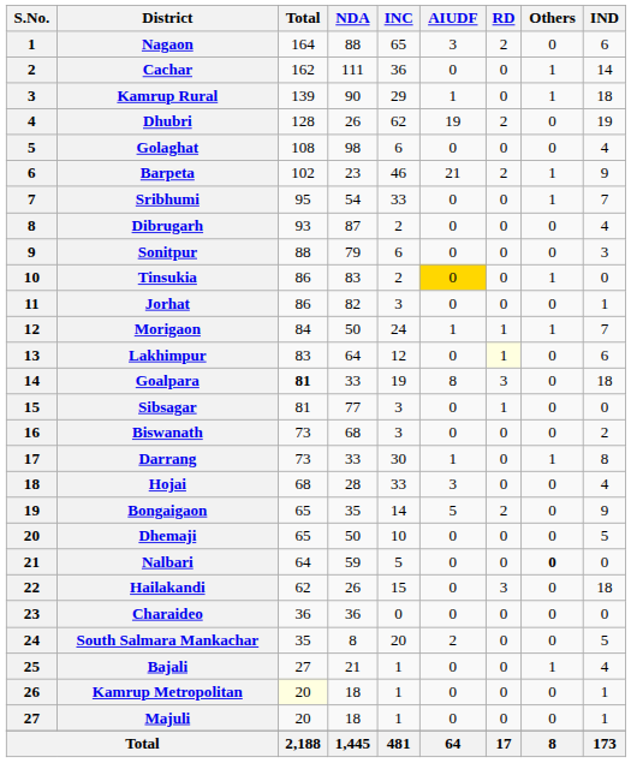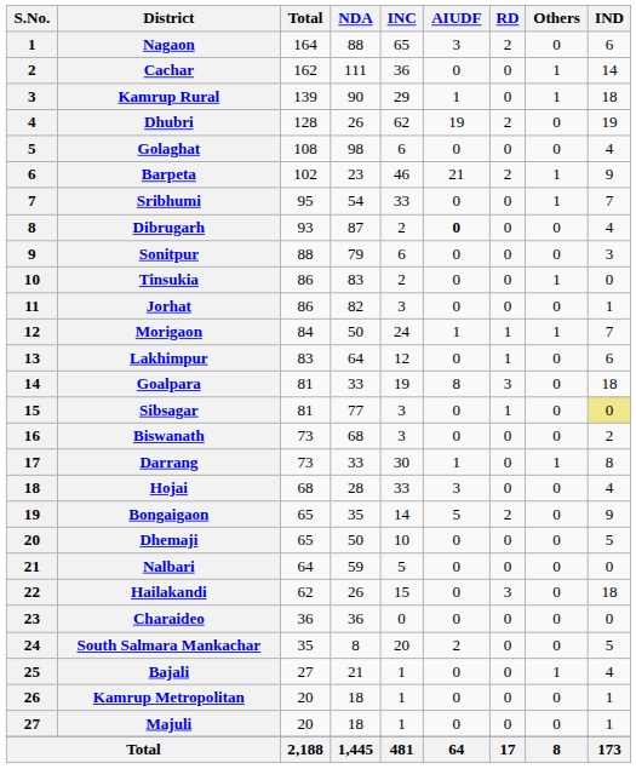 <table class="wikitable plainrowheaders sortable mw-collapsible" style="text-align:center; font-size:95%; width:600px; clear:right; margin:0px 0px 0.5em 1em;">
 <tr>
 <th scope="col">S.No.</th>
 <th scope="col">District</th>
 <th scope="col">Total</th>
 <th scope="col"><a href='#'>NDA</a></th>
 <th scope="col"><a href='#'>INC</a></th>
 <th scope="col"><a href='#'>AIUDF</a></th>
 <th scope="col"><a href='#'>RD</a></th>
 <th scope="col">Others</th>
 <th scope="col">IND</th>
 </tr>
 <tr>
 <th scope="row">1</th>
 <th scope="row"><a href='#'>Nagaon</a></th>
 <td>164</td>
 <td bgcolor=>88</td>
 <td>65</td>
 <td>3</td>
 <td>2</td>
 <td>0</td>
 <td>6</td>
 </tr>
 <tr>
 <th scope="row">2</th>
 <th scope="row"><a href='#'>Cachar</a></th>
 <td>162</td>
 <td bgcolor=>111</td>
 <td>36</td>
 <td>0</td>
 <td>0</td>
 <td>1</td>
 <td>14</td>
 </tr>
 <tr>
 <th scope="row">3</th>
 <th scope="row"><a href='#'>Kamrup Rural</a></th>
 <td>139</td>
 <td bgcolor=>90</td>
 <td>29</td>
 <td>1</td>
 <td>0</td>
 <td>1</td>
 <td>18</td>
 </tr>
 <tr>
 <th scope="row">4</th>
 <th scope="row"><a href='#'>Dhubri</a></th>
 <td>128</td>
 <td>26</td>
 <td bgcolor=>62</td>
 <td>19</td>
 <td>2</td>
 <td>0</td>
 <td>19</td>
 </tr>
 <tr>
 <th scope="row">5</th>
 <th scope="row"><a href='#'>Golaghat</a></th>
 <td>108</td>
 <td bgcolor=>98</td>
 <td>6</td>
 <td>0</td>
 <td>0</td>
 <td>0</td>
 <td>4</td>
 </tr>
 <tr>
 <th scope="row">6</th>
 <th scope="row"><a href='#'>Barpeta</a></th>
 <td>102</td>
 <td>23</td>
 <td bgcolor=>46</td>
 <td>21</td>
 <td>2</td>
 <td>1</td>
 <td>9</td>
 </tr>
 <tr>
 <th scope="row">7</th>
 <th scope="row"><a href='#'>Sribhumi</a></th>
 <td>95</td>
 <td bgcolor=>54</td>
 <td>33</td>
 <td>0</td>
 <td>0</td>
 <td>1</td>
 <td>7</td>
 </tr>
 <tr>
 <th scope="row">8</th>
 <th scope="row"><a href='#'>Dibrugarh</a></th>
 <td>93</td>
 <td bgcolor=>87</td>
 <td>2</td>
-<td>0</td>
+<td><strong>0</strong></td>
 <td>0</td>
 <td>0</td>
 <td>4</td>
 </tr>
 <tr>
 <th scope="row">9</th>
 <th scope="row"><a href='#'>Sonitpur</a></th>
 <td>88</td>
 <td bgcolor=>79</td>
 <td>6</td>
 <td>0</td>
 <td>0</td>
 <td>0</td>
 <td>3</td>
 </tr>
 <tr>
 <th scope="row">10</th>
 <th scope="row"><a href='#'>Tinsukia</a></th>
 <td>86</td>
 <td bgcolor=>83</td>
 <td>2</td>
-<td style="background: gold;">0</td>
+<td>0</td>
 <td>0</td>
 <td>1</td>
 <td>0</td>
 </tr>
 <tr>
 <th scope="row">11</th>
 <th scope="row"><a href='#'>Jorhat</a></th>
 <td>86</td>
 <td bgcolor=>82</td>
 <td>3</td>
 <td>0</td>
 <td>0</td>
 <td>0</td>
 <td>1</td>
 </tr>
 <tr>
 <th scope="row">12</th>
 <th scope="row"><a href='#'>Morigaon</a></th>
 <td>84</td>
 <td bgcolor=>50</td>
 <td>24</td>
 <td>1</td>
 <td>1</td>
 <td>1</td>
 <td>7</td>
 </tr>
 <tr>
 <th scope="row">13</th>
 <th scope="row"><a href='#'>Lakhimpur</a></th>
 <td>83</td>
 <td bgcolor=>64</td>
 <td>12</td>
 <td>0</td>
-<td style="background: lightyellow;">1</td>
+<td>1</td>
 <td>0</td>
 <td>6</td>
 </tr>
 <tr>
 <th scope="row">14</th>
 <th scope="row"><a href='#'>Goalpara</a></th>
-<td><strong>81</strong></td>
+<td>81</td>
 <td bgcolor=>33</td>
 <td>19</td>
 <td>8</td>
 <td>3</td>
 <td>0</td>
 <td>18</td>
 </tr>
 <tr>
 <th scope="row">15</th>
 <th scope="row"><a href='#'>Sibsagar</a></th>
 <td>81</td>
 <td bgcolor=>77</td>
 <td>3</td>
 <td>0</td>
 <td>1</td>
 <td>0</td>
-<td>0</td>
+<td style="background: khaki;">0</td>
 </tr>
 <tr>
 <th scope="row">16</th>
 <th scope="row"><a href='#'>Biswanath</a></th>
 <td>73</td>
 <td bgcolor=>68</td>
 <td>3</td>
 <td>0</td>
 <td>0</td>
 <td>0</td>
 <td>2</td>
 </tr>
 <tr>
 <th scope="row">17</th>
 <th scope="row"><a href='#'>Darrang</a></th>
 <td>73</td>
 <td bgcolor=>33</td>
 <td>30</td>
 <td>1</td>
 <td>0</td>
 <td>1</td>
 <td>8</td>
 </tr>
 <tr>
 <th scope="row">18</th>
 <th scope="row"><a href='#'>Hojai</a></th>
 <td>68</td>
 <td>28</td>
 <td bgcolor=>33</td>
 <td>3</td>
 <td>0</td>
 <td>0</td>
 <td>4</td>
 </tr>
 <tr>
 <th scope="row">19</th>
 <th scope="row"><a href='#'>Bongaigaon</a></th>
 <td>65</td>
 <td bgcolor=>35</td>
 <td>14</td>
 <td>5</td>
 <td>2</td>
 <td>0</td>
 <td>9</td>
 </tr>
 <tr>
 <th scope="row">20</th>
 <th scope="row"><a href='#'>Dhemaji</a></th>
 <td>65</td>
 <td bgcolor=>50</td>
 <td>10</td>
 <td>0</td>
 <td>0</td>
 <td>0</td>
 <td>5</td>
 </tr>
 <tr>
 <th scope="row">21</th>
 <th scope="row"><a href='#'>Nalbari</a></th>
 <td>64</td>
 <td bgcolor=>59</td>
 <td>5</td>
 <td>0</td>
 <td>0</td>
-<td><strong>0</strong></td>
+<td>0</td>
 <td>0</td>
 </tr>
 <tr>
 <th scope="row">22</th>
 <th scope="row"><a href='#'>Hailakandi</a></th>
 <td>62</td>
 <td bgcolor=>26</td>
 <td>15</td>
 <td>0</td>
 <td>3</td>
 <td>0</td>
 <td>18</td>
 </tr>
 <tr>
 <th scope="row">23</th>
 <th scope="row"><a href='#'>Charaideo</a></th>
 <td>36</td>
 <td bgcolor=>36</td>
 <td>0</td>
 <td>0</td>
 <td>0</td>
 <td>0</td>
 <td>0</td>
 </tr>
 <tr>
 <th scope="row">24</th>
 <th scope="row"><a href='#'>South Salmara Mankachar</a></th>
 <td>35</td>
 <td>8</td>
 <td bgcolor=>20</td>
 <td>2</td>
 <td>0</td>
 <td>0</td>
 <td>5</td>
 </tr>
 <tr>
 <th scope="row">25</th>
 <th scope="row"><a href='#'>Bajali</a></th>
 <td>27</td>
 <td bgcolor=>21</td>
 <td>1</td>
 <td>0</td>
 <td>0</td>
 <td>1</td>
 <td>4</td>
 </tr>
 <tr>
 <th scope="row">26</th>
 <th scope="row"><a href='#'>Kamrup Metropolitan</a></th>
-<td style="background: lightyellow;">20</td>
+<td>20</td>
 <td bgcolor=>18</td>
 <td>1</td>
 <td>0</td>
 <td>0</td>
 <td>0</td>
 <td>1</td>
 </tr>
 <tr>
 <th scope="row">27</th>
 <th scope="row"><a href='#'>Majuli</a></th>
 <td>20</td>
 <td bgcolor=>18</td>
 <td>1</td>
 <td>0</td>
 <td>0</td>
 <td>0</td>
 <td>1</td>
 </tr>
 <tr>
 </tr>
 <tr class="sortbottom">
 <th colspan="2">Total</th>
 <th scope="col">2,188</th>
 <th scope="col">1,445</th>
 <th scope="col">481</th>
 <th scope="col">64</th>
 <th scope="col">17</th>
 <th scope="col">8</th>
 <th scope="col">173</th>
 </tr>
 </table>
